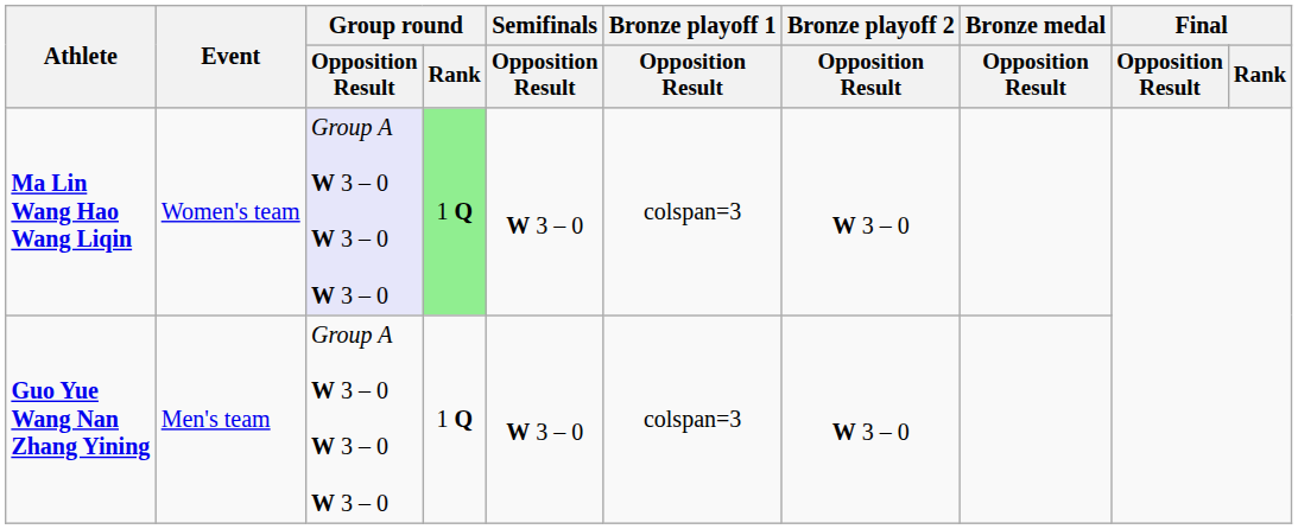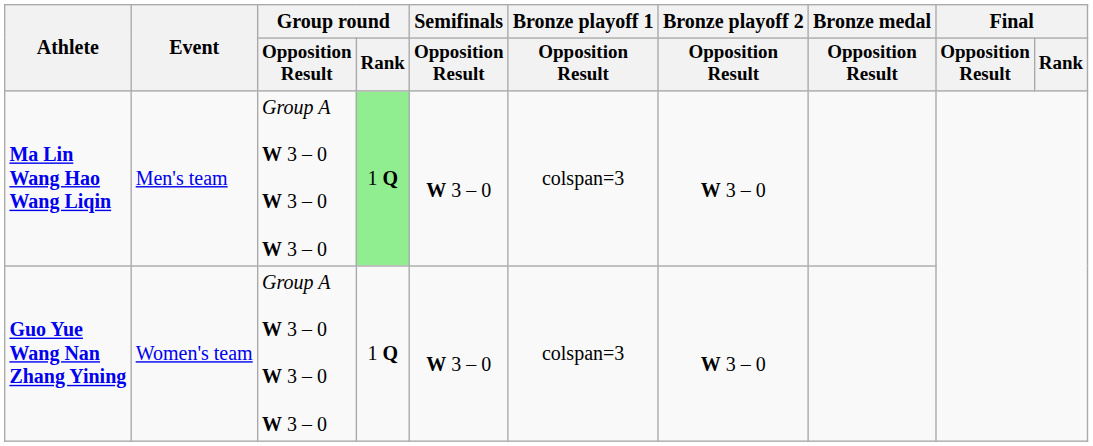 <table class="wikitable" style="font-size:90%">
 <tr>
 <th rowspan="2">Athlete</th>
 <th rowspan="2">Event</th>
 <th colspan="2">Group round</th>
 <th>Semifinals</th>
 <th>Bronze playoff 1</th>
 <th>Bronze playoff 2</th>
 <th>Bronze medal</th>
 <th colspan=2>Final</th>
 </tr>
 <tr style="font-size:95%">
 <th>Opposition<br>Result</th>
 <th>Rank</th>
 <th>Opposition<br>Result</th>
 <th>Opposition<br>Result</th>
 <th>Opposition<br>Result</th>
 <th>Opposition<br>Result</th>
 <th>Opposition<br>Result</th>
 <th>Rank</th>
 </tr>
 <tr align=center>
 <td align=left><strong><a href='#'>Ma Lin</a><br><a href='#'>Wang Hao</a><br><a href='#'>Wang Liqin</a></strong></td>
-<td align=left><a href='#'>Women's team</a></td>
-<td align=left style="background: lavender;"><em>Group A</em><br><br><strong>W</strong> 3 – 0<br><br><strong>W</strong> 3 – 0<br><br><strong>W</strong> 3 – 0</td>
+<td align=left><a href='#'>Men's team</a></td>
+<td align=left><em>Group A</em><br><br><strong>W</strong> 3 – 0<br><br><strong>W</strong> 3 – 0<br><br><strong>W</strong> 3 – 0</td>
 <td style="background: lightgreen;">1 <strong>Q</strong></td>
 <td><br><strong>W</strong> 3 – 0</td>
 <td>colspan=3 </td>
 <td><br><strong>W</strong> 3 – 0</td>
 <td></td>
 </tr>
 <tr align=center>
 <td align=left><strong><a href='#'>Guo Yue</a><br><a href='#'>Wang Nan</a><br><a href='#'>Zhang Yining</a></strong></td>
-<td align=left><a href='#'>Men's team</a></td>
+<td align=left><a href='#'>Women's team</a></td>
 <td align=left><em>Group A</em><br><br><strong>W</strong> 3 – 0<br><br><strong>W</strong> 3 – 0<br><br><strong>W</strong> 3 – 0</td>
 <td>1 <strong>Q</strong></td>
 <td><br><strong>W</strong> 3 – 0</td>
 <td>colspan=3 </td>
 <td><br><strong>W</strong> 3 – 0</td>
 <td></td>
 </tr>
 </table>
